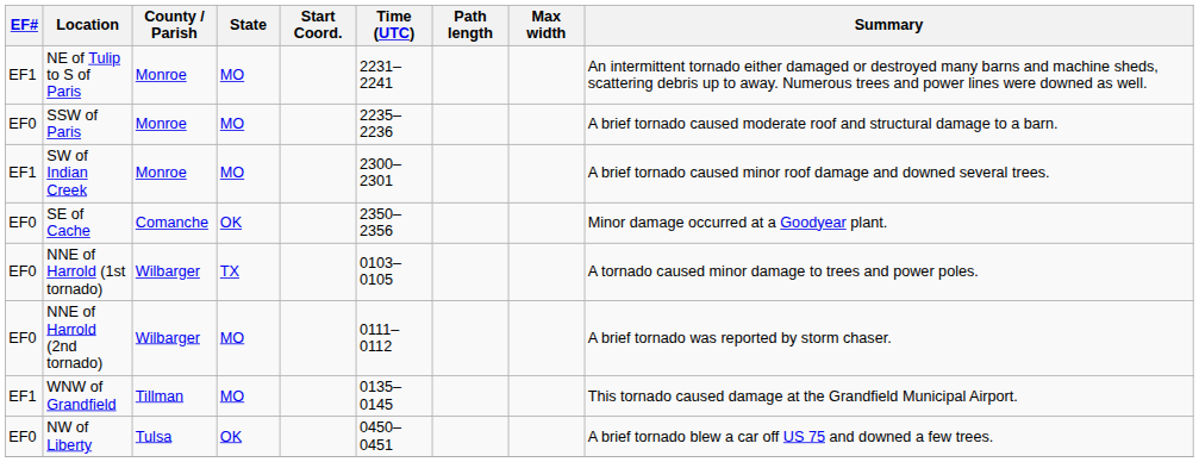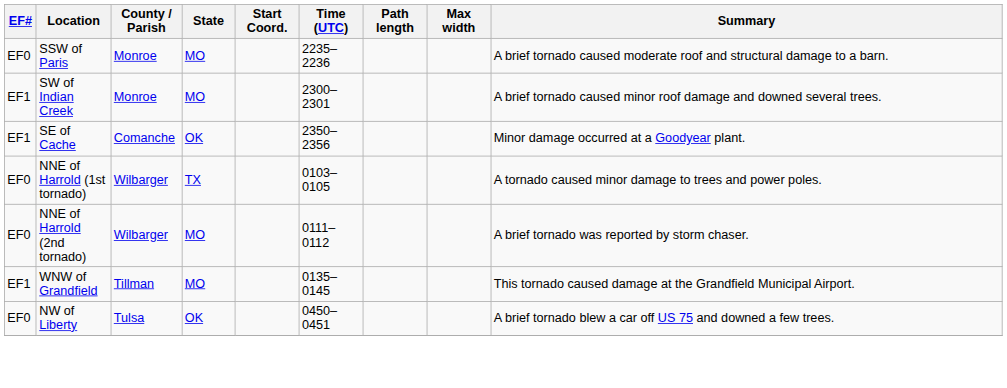 <table class="wikitable sortable" style="width:100%;">
 <tr>
 <th scope="col"  style="width:3%; text-align:center;"><a href='#'>EF#</a></th>
 <th scope="col"  style="width:7%; text-align:center;" class="unsortable">Location</th>
 <th scope="col"  style="width:6%; text-align:center;" class="unsortable">County / Parish</th>
 <th scope="col"  style="width:5%; text-align:center;">State</th>
 <th scope="col"  style="width:6%; text-align:center;">Start Coord.</th>
 <th scope="col"  style="width:6%; text-align:center;">Time (<a href='#'>UTC</a>)</th>
 <th scope="col"  style="width:6%; text-align:center;">Path length</th>
 <th scope="col"  style="width:6%; text-align:center;">Max width</th>
 <th scope="col" class="unsortable" style="width:48%; text-align:center;">Summary</th>
-</tr>
-<tr>
-<td>EF1</td>
-<td>NE of <a href='#'>Tulip</a> to S of <a href='#'>Paris</a></td>
-<td><a href='#'>Monroe</a></td>
-<td><a href='#'>MO</a></td>
-<td></td>
-<td>2231–2241</td>
-<td></td>
-<td></td>
-<td>An intermittent tornado either damaged or destroyed many barns and machine sheds, scattering debris up to  away. Numerous trees and power lines were downed as well.</td>
 </tr>
 <tr>
 <td>EF0</td>
 <td>SSW of <a href='#'>Paris</a></td>
 <td><a href='#'>Monroe</a></td>
 <td><a href='#'>MO</a></td>
 <td></td>
 <td>2235–2236</td>
 <td></td>
 <td></td>
 <td>A brief tornado caused moderate roof and structural damage to a barn.</td>
 </tr>
 <tr>
 <td>EF1</td>
 <td>SW of <a href='#'>Indian Creek</a></td>
 <td><a href='#'>Monroe</a></td>
 <td><a href='#'>MO</a></td>
 <td></td>
 <td>2300–2301</td>
 <td></td>
 <td></td>
 <td>A brief tornado caused minor roof damage and downed several trees.</td>
 </tr>
 <tr>
-<td>EF0</td>
+<td>EF1</td>
 <td>SE of <a href='#'>Cache</a></td>
 <td><a href='#'>Comanche</a></td>
 <td><a href='#'>OK</a></td>
 <td></td>
 <td>2350–2356</td>
 <td></td>
 <td></td>
 <td>Minor damage occurred at a <a href='#'>Goodyear</a> plant.</td>
 </tr>
 <tr>
 <td>EF0</td>
 <td>NNE of <a href='#'>Harrold</a> (1st tornado)</td>
 <td><a href='#'>Wilbarger</a></td>
 <td><a href='#'>TX</a></td>
 <td></td>
 <td>0103–0105</td>
 <td></td>
 <td></td>
 <td>A tornado caused minor damage to trees and power poles.</td>
 </tr>
 <tr>
 <td>EF0</td>
 <td>NNE of <a href='#'>Harrold</a> (2nd tornado)</td>
 <td><a href='#'>Wilbarger</a></td>
 <td><a href='#'>MO</a></td>
 <td></td>
 <td>0111–0112</td>
 <td></td>
 <td></td>
 <td>A brief tornado was reported by storm chaser.</td>
 </tr>
 <tr>
 <td>EF1</td>
 <td>WNW of <a href='#'>Grandfield</a></td>
 <td><a href='#'>Tillman</a></td>
 <td><a href='#'>MO</a></td>
 <td></td>
 <td>0135–0145</td>
 <td></td>
 <td></td>
 <td>This tornado caused damage at the Grandfield Municipal Airport.</td>
 </tr>
 <tr>
 <td>EF0</td>
 <td>NW of <a href='#'>Liberty</a></td>
 <td><a href='#'>Tulsa</a></td>
 <td><a href='#'>OK</a></td>
 <td></td>
 <td>0450–0451</td>
 <td></td>
 <td></td>
 <td>A brief tornado blew a car off <a href='#'>US 75</a> and downed a few trees.</td>
 </tr>
 <tr>
 </tr>
 </table>
